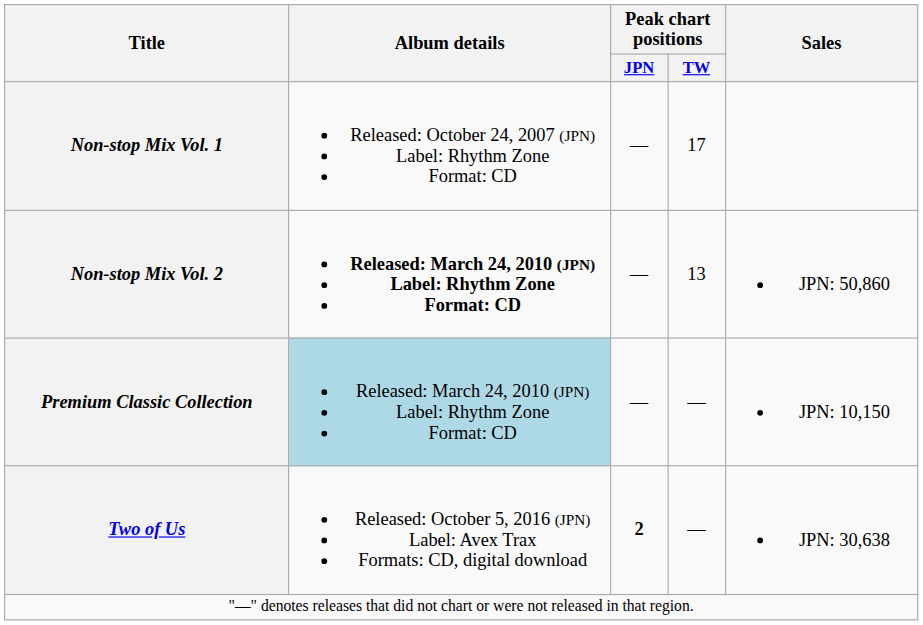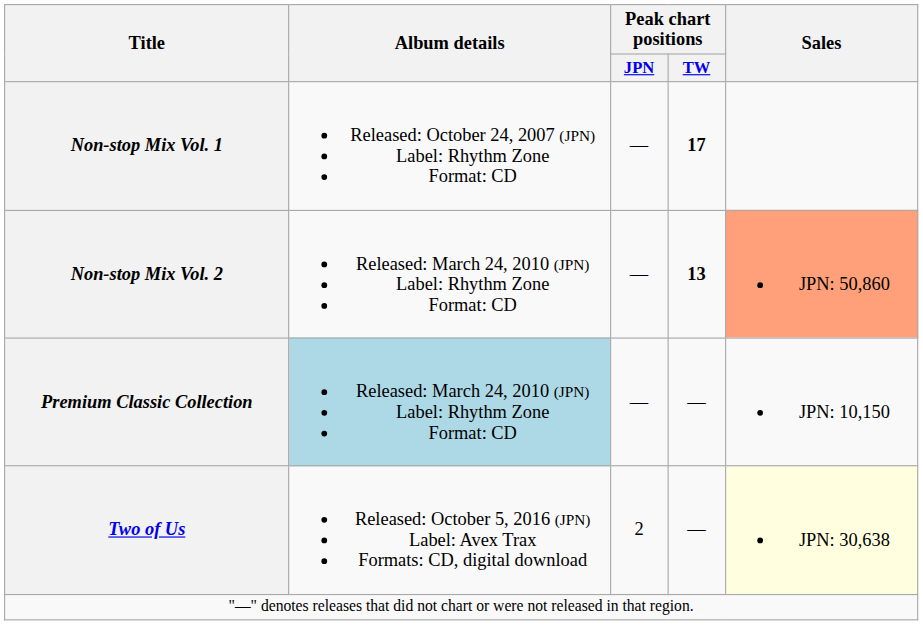 <table class="wikitable plainrowheaders" style="text-align:center;">
 <tr>
 <th scope="col" rowspan="2" style="width:15em;">Title</th>
 <th scope="col" rowspan="2" style="width:17em;">Album details</th>
 <th scope="col" colspan="2">Peak chart positions</th>
 <th scope="col" rowspan="2" style="width:10em;">Sales</th>
 </tr>
 <tr>
 <th scope="col" style="width:3em;font-size:90%;"><a href='#'>JPN</a><br></th>
 <th scope="col" style="width:3em;font-size:90%;"><a href='#'>TW</a><br></th>
 </tr>
 <tr>
 <th scope="row"><em>Non-stop Mix Vol. 1</em></th>
 <td><br><ul><li>Released: October 24, 2007 <small>(JPN)</small></li><li>Label: Rhythm Zone</li><li>Format: CD</li></ul></td>
 <td align="center">—</td>
-<td align="center">17</td>
+<td align="center"><strong>17</strong></td>
 <td></td>
 </tr>
 <tr>
 <th scope="row"><em>Non-stop Mix Vol. 2</em></th>
-<td><strong><br><ul><li>Released: March 24, 2010 <small>(JPN)</small></li><li>Label: Rhythm Zone</li><li>Format: CD</li></ul></strong></td>
+<td><br><ul><li>Released: March 24, 2010 <small>(JPN)</small></li><li>Label: Rhythm Zone</li><li>Format: CD</li></ul></td>
 <td align="center">—</td>
-<td align="center">13</td>
-<td><br><ul><li>JPN: 50,860</li></ul></td>
+<td align="center"><strong>13</strong></td>
+<td style="background: lightsalmon;"><br><ul><li>JPN: 50,860</li></ul></td>
 </tr>
 <tr>
 <th scope="row"><em>Premium Classic Collection</em></th>
 <td style="background: lightblue;"><br><ul><li>Released: March 24, 2010 <small>(JPN)</small></li><li>Label: Rhythm Zone</li><li>Format: CD</li></ul></td>
 <td align="center">—</td>
 <td align="center">—</td>
 <td><br><ul><li>JPN: 10,150</li></ul></td>
 </tr>
 <tr>
 <th scope="row"><em><a href='#'>Two of Us</a></em></th>
 <td><br><ul><li>Released: October 5, 2016 <small>(JPN)</small></li><li>Label: Avex Trax</li><li>Formats: CD, digital download</li></ul></td>
-<td align="center"><strong>2</strong></td>
+<td align="center">2</td>
 <td align="center">—</td>
-<td><br><ul><li>JPN: 30,638</li></ul></td>
+<td style="background: lightyellow;"><br><ul><li>JPN: 30,638</li></ul></td>
 </tr>
 <tr>
 <td align="center" colspan="8" style="font-size:85%">"—" denotes releases that did not chart or were not released in that region.</td>
 </tr>
 </table>
